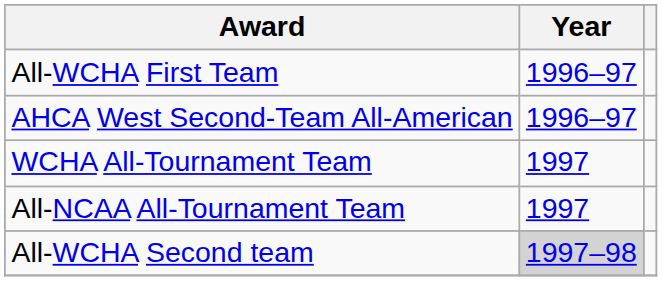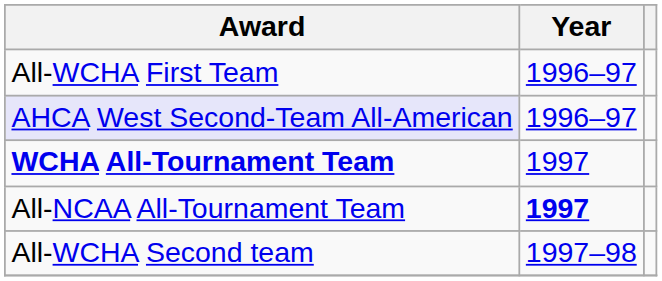 <table class="wikitable">
 <tr>
 <th>Award</th>
 <th>Year</th>
 <th></th>
 </tr>
 <tr>
 <td>All-<a href='#'>WCHA</a> <a href='#'>First Team</a></td>
 <td><a href='#'>1996–97</a></td>
 <td></td>
 </tr>
 <tr>
-<td><a href='#'>AHCA</a> <a href='#'>West Second-Team All-American</a></td>
+<td style="background: lavender;"><a href='#'>AHCA</a> <a href='#'>West Second-Team All-American</a></td>
 <td><a href='#'>1996–97</a></td>
 <td></td>
 </tr>
 <tr>
-<td><a href='#'>WCHA</a> <a href='#'>All-Tournament Team</a></td>
+<td><strong><a href='#'>WCHA</a> <a href='#'>All-Tournament Team</a></strong></td>
 <td><a href='#'>1997</a></td>
 <td></td>
 </tr>
 <tr>
 <td>All-<a href='#'>NCAA</a> <a href='#'>All-Tournament Team</a></td>
-<td><a href='#'>1997</a></td>
+<td><strong><a href='#'>1997</a></strong></td>
 <td></td>
 </tr>
 <tr>
 <td>All-<a href='#'>WCHA</a> <a href='#'>Second team</a></td>
-<td style="background: lightgrey;"><a href='#'>1997–98</a></td>
+<td><a href='#'>1997–98</a></td>
 <td></td>
 </tr>
 <tr>
 </tr>
 </table>
